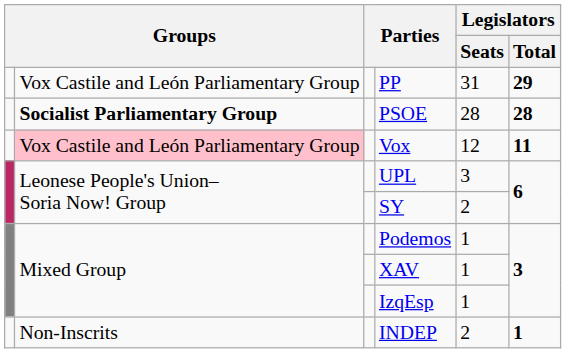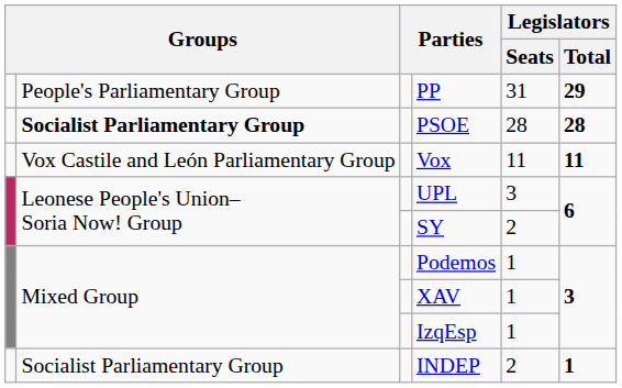 <table class="wikitable" style="text-align:left;">
 <tr>
 <th rowspan="2" colspan="2">Groups</th>
 <th rowspan="2" colspan="2">Parties</th>
 <th colspan="2">Legislators</th>
 </tr>
 <tr>
 <th>Seats</th>
 <th>Total</th>
 </tr>
 <tr>
 <td width="1" style="color:inherit;background:"></td>
-<td>Vox Castile and León Parliamentary Group</td>
+<td>People's Parliamentary Group</td>
 <td width="1" style="color:inherit;background:"></td>
 <td><a href='#'>PP</a></td>
 <td>31</td>
 <td><strong>29</strong></td>
 </tr>
 <tr>
 <td style="color:inherit;background:"></td>
 <td><strong>Socialist Parliamentary Group</strong></td>
 <td style="color:inherit;background:"></td>
 <td><a href='#'>PSOE</a></td>
 <td>28</td>
 <td><strong>28</strong></td>
 </tr>
 <tr>
 <td style="color:inherit;background:"></td>
-<td style="background: pink;">Vox Castile and León Parliamentary Group</td>
+<td>Vox Castile and León Parliamentary Group</td>
 <td style="color:inherit;background:"></td>
 <td><a href='#'>Vox</a></td>
-<td>12</td>
+<td>11</td>
 <td><strong>11</strong></td>
 </tr>
 <tr>
 <td rowspan="2" bgcolor="#BB2765"></td>
 <td rowspan="2">Leonese People's Union–<br>Soria Now! Group</td>
 <td style="color:inherit;background:"></td>
 <td><a href='#'>UPL</a></td>
 <td>3</td>
 <td rowspan="2"><strong>6</strong></td>
 </tr>
 <tr>
 <td style="color:inherit;background:"></td>
 <td><a href='#'>SY</a></td>
 <td>2</td>
 </tr>
 <tr>
 <td rowspan="3" bgcolor="gray"></td>
 <td rowspan="3">Mixed Group</td>
 <td style="color:inherit;background:"></td>
 <td><a href='#'>Podemos</a></td>
 <td>1</td>
 <td rowspan="3"><strong>3</strong></td>
 </tr>
 <tr>
 <td style="color:inherit;background:"></td>
 <td><a href='#'>XAV</a></td>
 <td>1</td>
 </tr>
 <tr>
 <td style="color:inherit;background:"></td>
 <td><a href='#'>IzqEsp</a></td>
 <td>1</td>
 </tr>
 <tr>
 <td style="color:inherit;background:"></td>
-<td>Non-Inscrits</td>
+<td>Socialist Parliamentary Group</td>
 <td style="color:inherit;background:"></td>
 <td><a href='#'>INDEP</a></td>
 <td>2</td>
 <td><strong>1</strong></td>
 </tr>
 </table>
